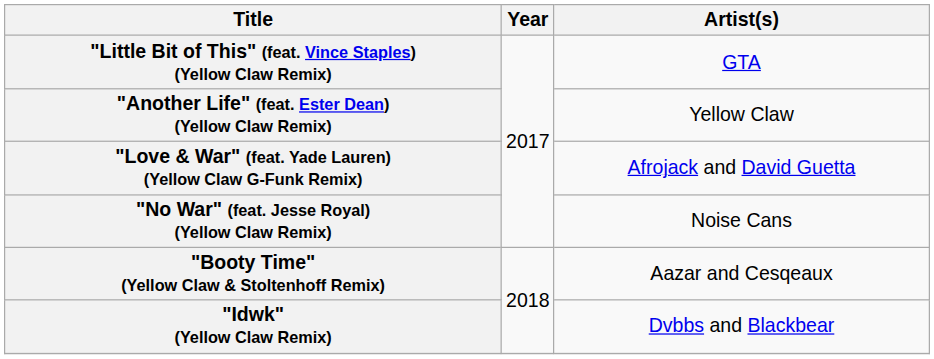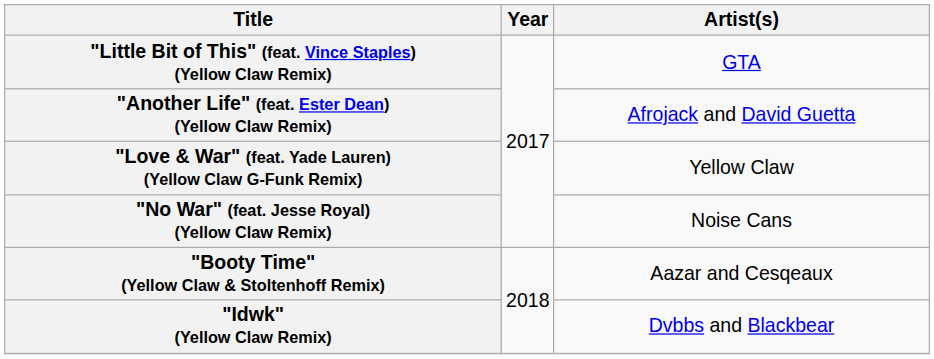 <table class="wikitable plainrowheaders" style="text-align:center;">
 <tr>
 <th scope="col" style="width:400px;">Title</th>
 <th scope="col">Year</th>
 <th scope="col" style="width:300px;">Artist(s)</th>
 </tr>
 <tr>
 <th scope="row">"Little Bit of This" <small>(feat. <a href='#'>Vince Staples</a>)</small><br><small>(Yellow Claw Remix)</small></th>
 <td rowspan="4">2017</td>
 <td><a href='#'>GTA</a></td>
 </tr>
 <tr>
 <th scope="row">"Another Life" <small>(feat. <a href='#'>Ester Dean</a>)</small><br><small>(Yellow Claw Remix)</small></th>
-<td>Yellow Claw</td>
+<td><a href='#'>Afrojack</a> and <a href='#'>David Guetta</a></td>
 </tr>
 <tr>
 <th scope="row">"Love & War" <small>(feat. Yade Lauren)</small><br><small>(Yellow Claw G-Funk Remix)</small></th>
-<td><a href='#'>Afrojack</a> and <a href='#'>David Guetta</a></td>
+<td>Yellow Claw</td>
 </tr>
 <tr>
 <th scope="row">"No War" <small>(feat. Jesse Royal)</small><br><small>(Yellow Claw Remix)</small></th>
 <td>Noise Cans</td>
 </tr>
 <tr>
 <th scope="row">"Booty Time" <br><small>(Yellow Claw & Stoltenhoff Remix)</small></th>
 <td rowspan="2">2018</td>
 <td>Aazar and Cesqeaux</td>
 </tr>
 <tr>
 <th scope="row">"Idwk" <br><small>(Yellow Claw Remix)</small></th>
 <td><a href='#'>Dvbbs</a> and <a href='#'>Blackbear</a></td>
 </tr>
 <tr>
 </tr>
 </table>
